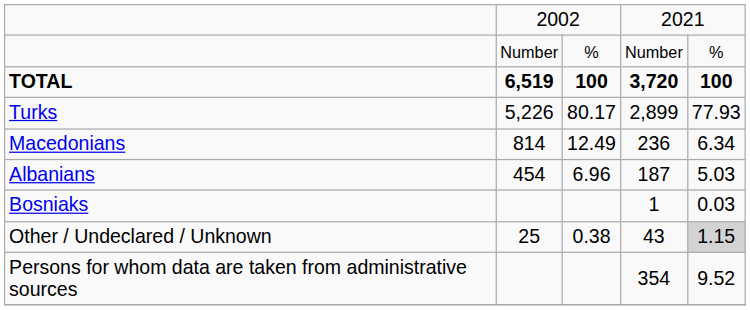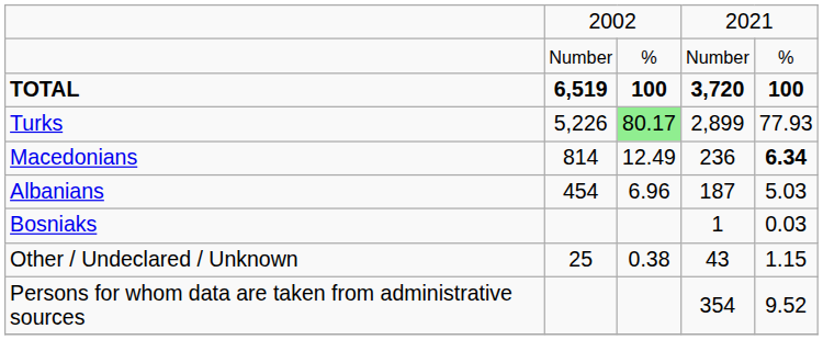 <table class="wikitable">
 <tr>
 <td></td>
 <td colspan="2" align="center">2002</td>
 <td colspan="2" align="center">2021</td>
 </tr>
 <tr>
 <td></td>
 <td align="center"><small>Number</small></td>
 <td align="center"><small>%</small></td>
 <td align="center"><small>Number</small></td>
 <td align="center"><small>%</small></td>
 </tr>
 <tr>
 <td><strong>TOTAL</strong></td>
 <td align="center"><strong>6,519</strong></td>
 <td align="center"><strong>100</strong></td>
 <td align="center"><strong>3,720</strong></td>
 <td align="center"><strong>100</strong></td>
 </tr>
 <tr>
 <td><a href='#'>Turks</a></td>
 <td align="center">5,226</td>
-<td align="center">80.17</td>
+<td align="center" style="background: lightgreen;">80.17</td>
 <td align="center">2,899</td>
 <td align="center">77.93</td>
 </tr>
 <tr>
 <td><a href='#'>Macedonians</a></td>
 <td align="center">814</td>
 <td align="center">12.49</td>
 <td align="center">236</td>
-<td align="center">6.34</td>
+<td align="center"><strong>6.34</strong></td>
 </tr>
 <tr>
 <td><a href='#'>Albanians</a></td>
 <td align="center">454</td>
 <td align="center">6.96</td>
 <td align="center">187</td>
 <td align="center">5.03</td>
 </tr>
 <tr>
 <td><a href='#'>Bosniaks</a></td>
 <td align="center"></td>
 <td align="center"></td>
 <td align="center">1</td>
 <td align="center">0.03</td>
 </tr>
 <tr>
 <td>Other / Undeclared / Unknown</td>
 <td align="center">25</td>
 <td align="center">0.38</td>
 <td align="center">43</td>
-<td align="center" style="background: lightgrey;">1.15</td>
+<td align="center">1.15</td>
 </tr>
 <tr>
 <td>Persons for whom data are taken from administrative sources</td>
 <td align="center"></td>
 <td align="center"></td>
 <td align="center">354</td>
 <td align="center">9.52</td>
 </tr>
 <tr>
 </tr>
 </table>
